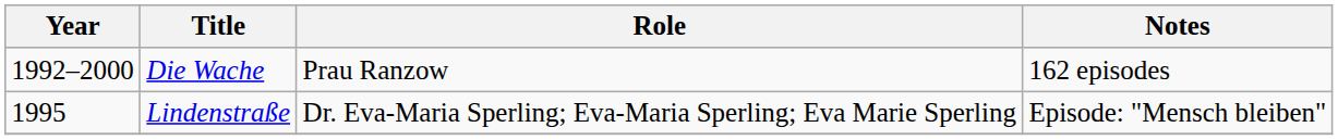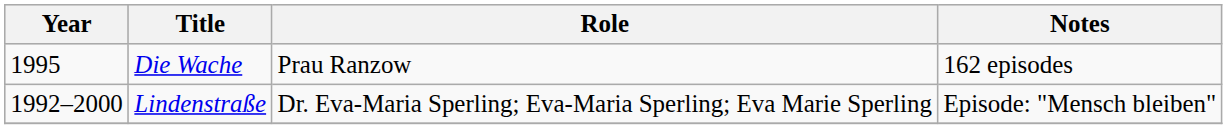 <table class="wikitable sortable">
 <tr>
 <th>Year</th>
 <th>Title</th>
 <th>Role</th>
 <th class="unsortable">Notes</th>
 </tr>
 <tr>
-<td>1992–2000</td>
+<td>1995</td>
 <td><em><a href='#'>Die Wache</a></em></td>
 <td>Prau Ranzow</td>
 <td>162 episodes</td>
 </tr>
 <tr>
-<td>1995</td>
+<td>1992–2000</td>
 <td><em><a href='#'>Lindenstraße</a></em></td>
 <td>Dr. Eva-Maria Sperling; Eva-Maria Sperling; Eva Marie Sperling</td>
 <td>Episode: "Mensch bleiben"</td>
 </tr>
 <tr>
 </tr>
 </table>
